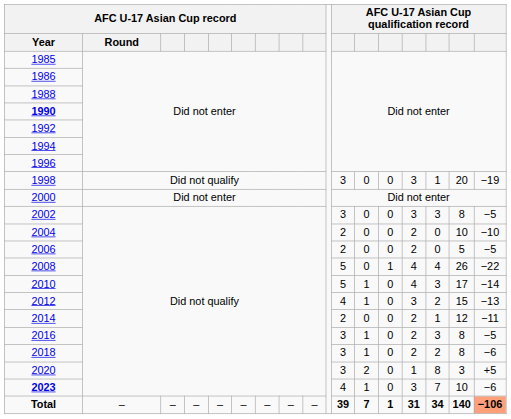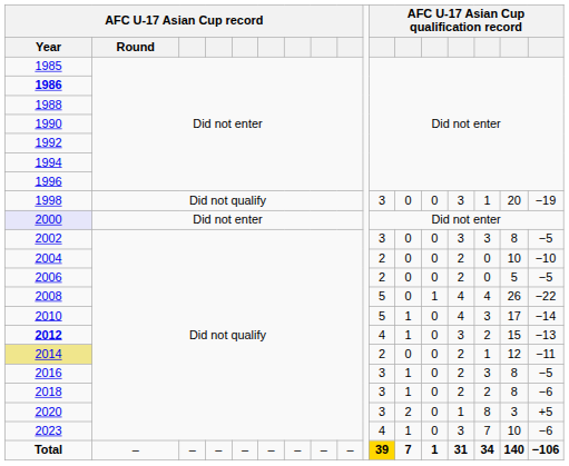 <table class="wikitable" style="text-align: center;">
 <tr>
 <th colspan=9>AFC U-17 Asian Cup record</th>
 <td width=1% rowspan=23></td>
 <th colspan=7>AFC U-17 Asian Cup qualification record</th>
 </tr>
 <tr>
 <th width=100>Year</th>
 <th width=100>Round</th>
 <th width=25></th>
 <th width=25></th>
 <th width=25></th>
 <th width=25></th>
 <th width=25></th>
 <th width=25></th>
 <th width=25></th>
 <th width=25></th>
 <th width=25></th>
 <th width=25></th>
 <th width=25></th>
 <th width=25></th>
 <th width=25></th>
 <th width=25></th>
 </tr>
 <tr>
 <td> <a href='#'>1985</a></td>
 <td rowspan=7 colspan=8>Did not enter</td>
 <td rowspan=7 colspan=8>Did not enter</td>
 </tr>
 <tr>
-<td> <a href='#'>1986</a></td>
+<td><strong> <a href='#'>1986</a></strong></td>
 </tr>
 <tr>
 <td> <a href='#'>1988</a></td>
 </tr>
 <tr>
-<td><strong> <a href='#'>1990</a></strong></td>
+<td> <a href='#'>1990</a></td>
 </tr>
 <tr>
 <td> <a href='#'>1992</a></td>
 </tr>
 <tr>
 <td> <a href='#'>1994</a></td>
 </tr>
 <tr>
 <td> <a href='#'>1996</a></td>
 </tr>
 <tr>
 <td> <a href='#'>1998</a></td>
 <td rowspan=1 colspan=8>Did not qualify</td>
 <td>3</td>
 <td>0</td>
 <td>0</td>
 <td>3</td>
 <td>1</td>
 <td>20</td>
 <td>−19</td>
 </tr>
 <tr>
-<td> <a href='#'>2000</a></td>
+<td style="background: lavender;"> <a href='#'>2000</a></td>
 <td rowspan=1 colspan=8>Did not enter</td>
 <td rowspan=1 colspan=8>Did not enter</td>
 </tr>
 <tr>
 <td> <a href='#'>2002</a></td>
 <td rowspan=11 colspan=8>Did not qualify</td>
 <td>3</td>
 <td>0</td>
 <td>0</td>
 <td>3</td>
 <td>3</td>
 <td>8</td>
 <td>−5</td>
 </tr>
 <tr>
 <td> <a href='#'>2004</a></td>
 <td>2</td>
 <td>0</td>
 <td>0</td>
 <td>2</td>
 <td>0</td>
 <td>10</td>
 <td>−10</td>
 </tr>
 <tr>
 <td> <a href='#'>2006</a></td>
 <td>2</td>
 <td>0</td>
 <td>0</td>
 <td>2</td>
 <td>0</td>
 <td>5</td>
 <td>−5</td>
 </tr>
 <tr>
 <td> <a href='#'>2008</a></td>
 <td>5</td>
 <td>0</td>
 <td>1</td>
 <td>4</td>
 <td>4</td>
 <td>26</td>
 <td>−22</td>
 </tr>
 <tr>
 <td> <a href='#'>2010</a></td>
 <td>5</td>
 <td>1</td>
 <td>0</td>
 <td>4</td>
 <td>3</td>
 <td>17</td>
 <td>−14</td>
 </tr>
 <tr>
-<td> <a href='#'>2012</a></td>
+<td><strong> <a href='#'>2012</a></strong></td>
 <td>4</td>
 <td>1</td>
 <td>0</td>
 <td>3</td>
 <td>2</td>
 <td>15</td>
 <td>−13</td>
 </tr>
 <tr>
-<td> <a href='#'>2014</a></td>
+<td style="background: khaki;"> <a href='#'>2014</a></td>
 <td>2</td>
 <td>0</td>
 <td>0</td>
 <td>2</td>
 <td>1</td>
 <td>12</td>
 <td>−11</td>
 </tr>
 <tr>
 <td> <a href='#'>2016</a></td>
 <td>3</td>
 <td>1</td>
 <td>0</td>
 <td>2</td>
 <td>3</td>
 <td>8</td>
 <td>−5</td>
 </tr>
 <tr>
 <td> <a href='#'>2018</a></td>
 <td>3</td>
 <td>1</td>
 <td>0</td>
 <td>2</td>
 <td>2</td>
 <td>8</td>
 <td>−6</td>
 </tr>
 <tr>
 <td> <a href='#'>2020</a></td>
 <td>3</td>
 <td>2</td>
 <td>0</td>
 <td>1</td>
 <td>8</td>
 <td>3</td>
 <td>+5</td>
 </tr>
 <tr>
-<td><strong> <a href='#'>2023</a></strong></td>
+<td> <a href='#'>2023</a></td>
 <td>4</td>
 <td>1</td>
 <td>0</td>
 <td>3</td>
 <td>7</td>
 <td>10</td>
 <td>−6</td>
 </tr>
 <tr>
 <td><strong>Total</strong></td>
 <td>–</td>
 <td>–</td>
 <td>–</td>
 <td>–</td>
 <td>–</td>
 <td>–</td>
 <td>–</td>
 <td>–</td>
-<td><strong>39</strong></td>
+<td style="background: gold;"><strong>39</strong></td>
 <td><strong>7</strong></td>
 <td><strong>1</strong></td>
 <td><strong>31</strong></td>
 <td><strong>34</strong></td>
 <td><strong>140</strong></td>
-<td style="background: lightsalmon;"><strong>−106</strong></td>
+<td><strong>−106</strong></td>
 </tr>
 </table>
